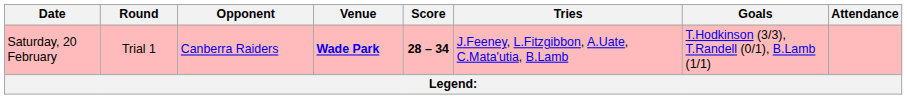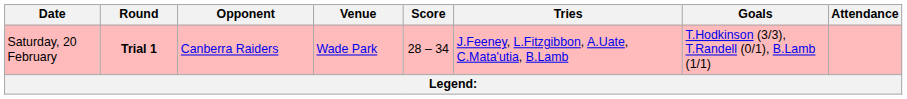 <table class="wikitable" style="font-size:75%;">
 <tr>
 <th style="width:110px;">Date</th>
 <th style="width:90px;">Round</th>
 <th style="width:170px;">Opponent</th>
 <th style="width:110px;">Venue</th>
 <th style="width:50px;">Score</th>
 <th style="width:310px;">Tries</th>
 <th style="width:180px;">Goals</th>
 <th style="width:60px;">Attendance</th>
 </tr>
 <tr style="background:#fbb;">
 <td>Saturday, 20 February</td>
-<td style="text-align:center;">Trial 1</td>
+<td style="text-align:center;"><strong>Trial 1</strong></td>
 <td> <a href='#'>Canberra Raiders</a></td>
-<td><strong><a href='#'>Wade Park</a></strong></td>
-<td style="text-align:center;"><strong>28 – 34</strong></td>
+<td><a href='#'>Wade Park</a></td>
+<td style="text-align:center;">28 – 34</td>
 <td><a href='#'>J.Feeney</a>, <a href='#'>L.Fitzgibbon</a>, <a href='#'>A.Uate</a>, <a href='#'>C.Mata'utia</a>, <a href='#'>B.Lamb</a></td>
 <td><a href='#'>T.Hodkinson</a> (3/3), <a href='#'>T.Randell</a> (0/1), <a href='#'>B.Lamb</a> (1/1)</td>
 <td style="text-align:center;"></td>
 </tr>
 <tr>
 <th colspan="11"><strong>Legend</strong>:   </th>
 </tr>
 </table>
